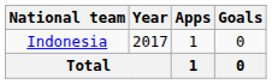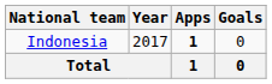 <table class=wikitable style=text-align:center>
 <tr>
 <th>National team</th>
 <th>Year</th>
 <th>Apps</th>
 <th>Goals</th>
 </tr>
 <tr>
 <td><a href='#'>Indonesia</a></td>
 <td>2017</td>
-<td>1</td>
+<td><strong>1</strong></td>
 <td>0</td>
 </tr>
 <tr>
 <th colspan=2>Total</th>
 <th>1</th>
 <th>0</th>
 </tr>
 </table>
